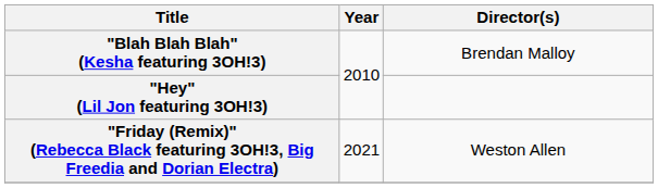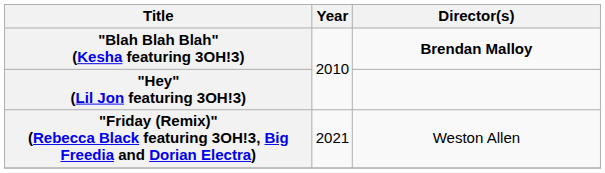 <table class="wikitable plainrowheaders" style="text-align:center;">
 <tr>
 <th scope="col" style="width:20em;">Title</th>
 <th scope="col">Year</th>
 <th scope="col" style="width:16em;">Director(s)</th>
 </tr>
 <tr>
 <th scope="row">"Blah Blah Blah" <br><span>(<a href='#'>Kesha</a> featuring 3OH!3)</span></th>
 <td rowspan="2">2010</td>
-<td>Brendan Malloy</td>
+<td><strong>Brendan Malloy</strong></td>
 </tr>
 <tr>
 <th scope="row">"Hey" <br><span>(<a href='#'>Lil Jon</a> featuring 3OH!3)</span></th>
 <td></td>
 </tr>
 <tr>
 <th scope="row">"Friday (Remix)"<br><span>(<a href='#'>Rebecca Black</a> featuring 3OH!3, <a href='#'>Big Freedia</a> and <a href='#'>Dorian Electra</a>)</span></th>
 <td>2021</td>
 <td>Weston Allen</td>
 </tr>
 <tr>
 </tr>
 </table>
